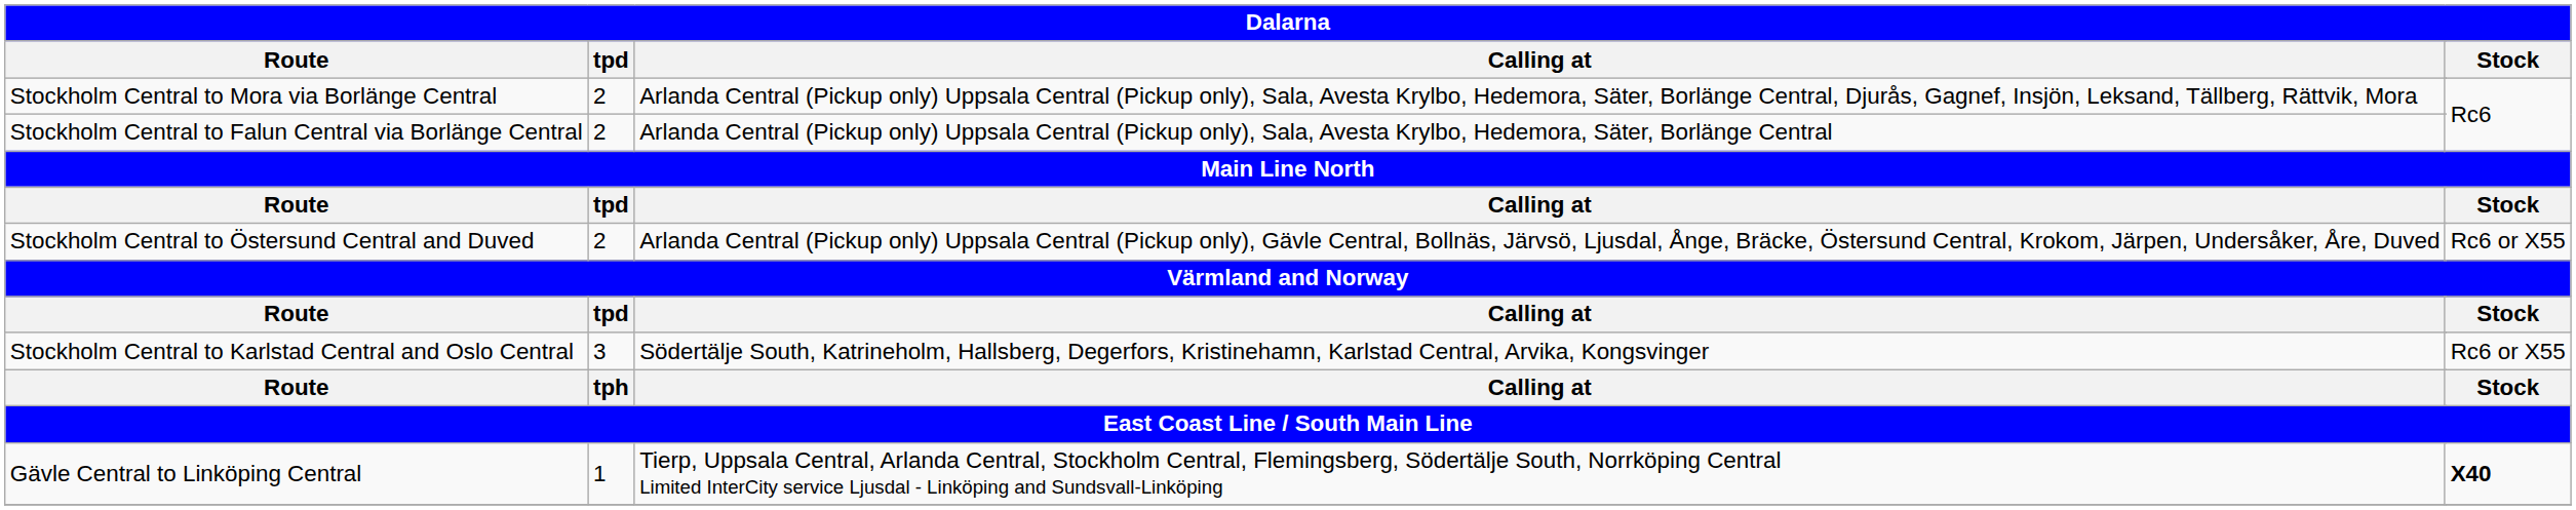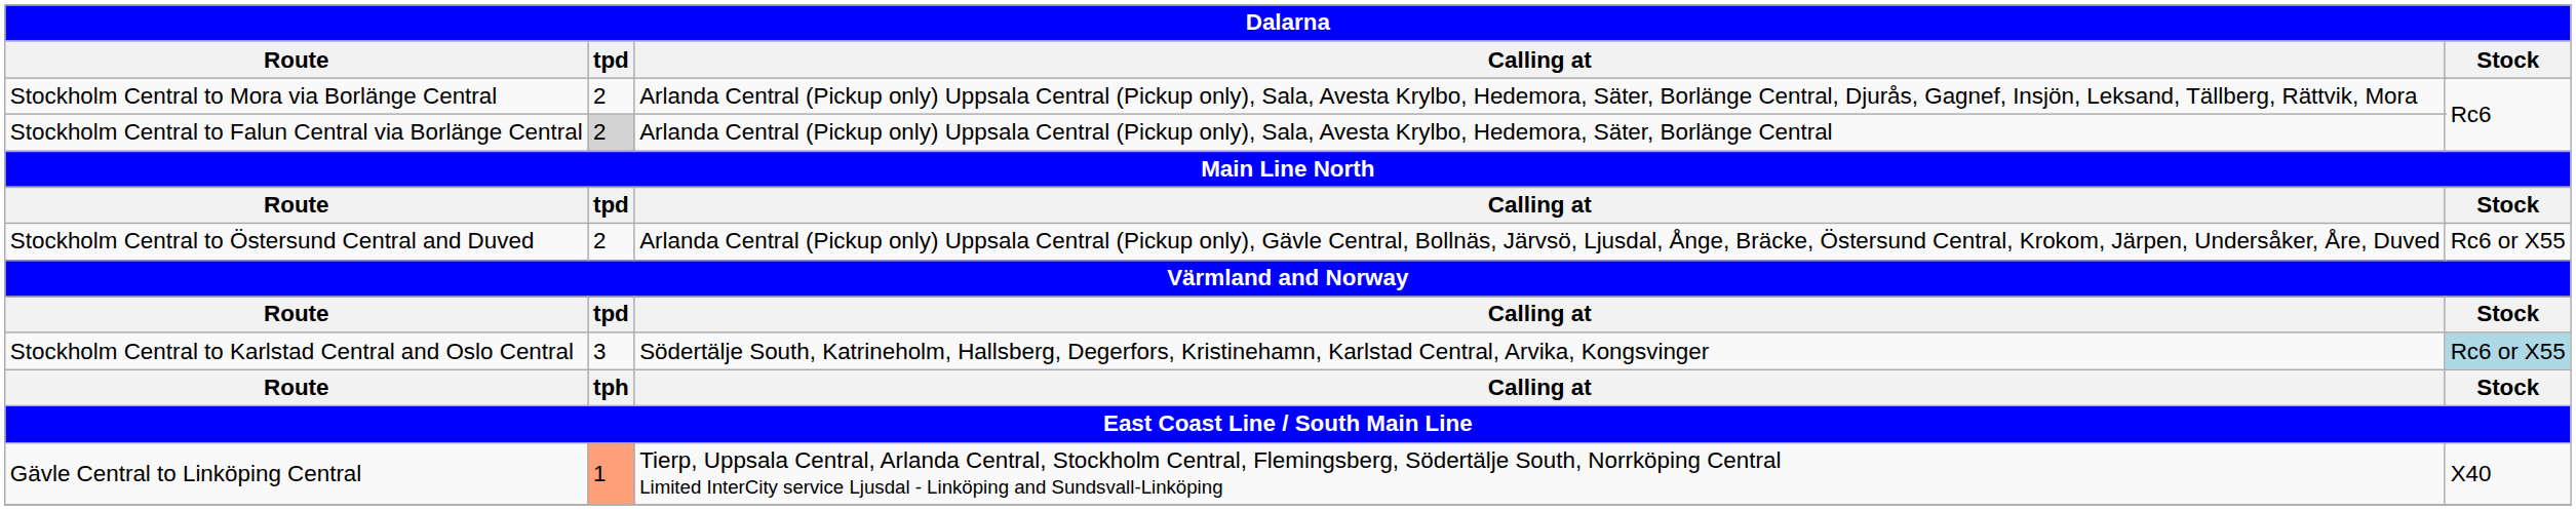 <table class="wikitable">
 <tr>
 <th colspan="5" style="background:#0000FF; color:White">Dalarna</th>
 </tr>
 <tr>
 <th>Route</th>
 <th>tpd</th>
 <th colspan="2">Calling at</th>
 <th>Stock</th>
 </tr>
 <tr>
 <td>Stockholm Central to Mora via Borlänge Central</td>
 <td>2</td>
 <td colspan="2">Arlanda Central (Pickup only) Uppsala Central (Pickup only), Sala, Avesta Krylbo, Hedemora, Säter, Borlänge Central, Djurås, Gagnef, Insjön, Leksand, Tällberg, Rättvik, Mora</td>
 <td rowspan="2">Rc6</td>
 </tr>
 <tr>
 <td>Stockholm Central to Falun Central via Borlänge Central</td>
-<td>2</td>
+<td style="background: lightgrey;">2</td>
 <td colspan="2">Arlanda Central (Pickup only) Uppsala Central (Pickup only), Sala, Avesta Krylbo, Hedemora, Säter, Borlänge Central</td>
 </tr>
 <tr>
 <th colspan="5" style="background: #0000FF; color:White">Main Line North</th>
 </tr>
 <tr>
 <th>Route</th>
 <th>tpd</th>
 <th colspan="2">Calling at</th>
 <th>Stock</th>
 </tr>
 <tr>
 <td>Stockholm Central to Östersund Central and Duved</td>
 <td>2</td>
 <td colspan="2">Arlanda Central (Pickup only) Uppsala Central (Pickup only), Gävle Central, Bollnäs, Järvsö, Ljusdal, Ånge, Bräcke, Östersund Central, Krokom, Järpen, Undersåker, Åre, Duved</td>
 <td>Rc6 or X55</td>
 </tr>
 <tr>
 <th colspan="5" style="background:#0000FF; color:White">Värmland and Norway</th>
 </tr>
 <tr>
 <th>Route</th>
 <th>tpd</th>
 <th colspan="2">Calling at</th>
 <th>Stock</th>
 </tr>
 <tr>
 <td>Stockholm Central to Karlstad Central and Oslo Central</td>
 <td>3</td>
 <td colspan="2">Södertälje South, Katrineholm, Hallsberg, Degerfors, Kristinehamn, Karlstad Central, Arvika, Kongsvinger</td>
-<td>Rc6 or X55</td>
+<td style="background: lightblue;">Rc6 or X55</td>
 </tr>
 <tr>
 <th>Route</th>
 <th>tph</th>
 <th colspan="2">Calling at</th>
 <th>Stock</th>
 </tr>
 <tr>
 <th colspan="5" style="background:#0000FF; color:White">East Coast Line / South Main Line</th>
 </tr>
 <tr>
 <td>Gävle Central to Linköping Central</td>
-<td>1</td>
+<td style="background: lightsalmon;">1</td>
 <td colspan="2">Tierp, Uppsala Central, Arlanda Central, Stockholm Central, Flemingsberg, Södertälje South, Norrköping Central<br><small>Limited InterCity service Ljusdal - Linköping and Sundsvall-Linköping</small></td>
-<td><strong>X40</strong></td>
+<td>X40</td>
 </tr>
 <tr>
 </tr>
 </table>
